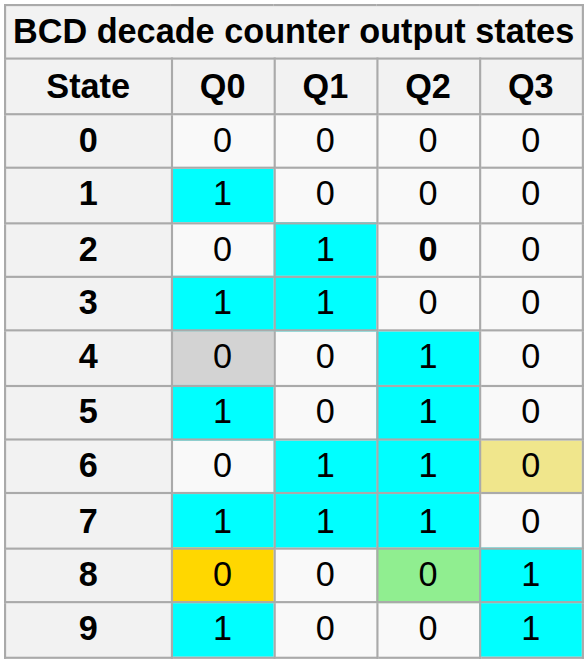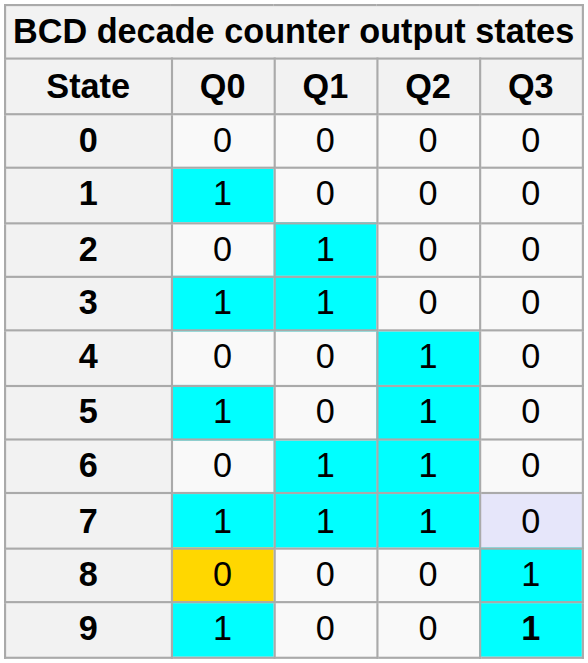 <table class="wikitable" style="text-align:center">
 <tr>
 <th colspan="5">BCD decade counter output states</th>
 </tr>
 <tr>
 <th>State</th>
 <th>Q0</th>
 <th>Q1</th>
 <th>Q2</th>
 <th>Q3</th>
 </tr>
 <tr>
 <th>0</th>
 <td>0</td>
 <td>0</td>
 <td>0</td>
 <td>0</td>
 </tr>
 <tr>
 <th>1</th>
 <td style="background:#0FF">1</td>
 <td>0</td>
 <td>0</td>
 <td>0</td>
 </tr>
 <tr>
 <th>2</th>
 <td>0</td>
 <td style="background:#0FF">1</td>
-<td><strong>0</strong></td>
+<td>0</td>
 <td>0</td>
 </tr>
 <tr>
 <th>3</th>
 <td style="background:#0FF">1</td>
 <td style="background:#0FF">1</td>
 <td>0</td>
 <td>0</td>
 </tr>
 <tr>
 <th>4</th>
-<td style="background: lightgrey;">0</td>
+<td>0</td>
 <td>0</td>
 <td style="background:#0FF">1</td>
 <td>0</td>
 </tr>
 <tr>
 <th>5</th>
 <td style="background:#0FF">1</td>
 <td>0</td>
 <td style="background:#0FF">1</td>
 <td>0</td>
 </tr>
 <tr>
 <th>6</th>
 <td>0</td>
 <td style="background:#0FF">1</td>
 <td style="background:#0FF">1</td>
-<td style="background: khaki;">0</td>
+<td>0</td>
 </tr>
 <tr>
 <th>7</th>
 <td style="background:#0FF">1</td>
 <td style="background:#0FF">1</td>
 <td style="background:#0FF">1</td>
-<td>0</td>
+<td style="background: lavender;">0</td>
 </tr>
 <tr>
 <th>8</th>
 <td style="background: gold;">0</td>
 <td>0</td>
-<td style="background: lightgreen;">0</td>
+<td>0</td>
 <td style="background:#0FF">1</td>
 </tr>
 <tr>
 <th>9</th>
 <td style="background:#0FF">1</td>
 <td>0</td>
 <td>0</td>
-<td style="background:#0FF">1</td>
+<td style="background:#0FF"><strong>1</strong></td>
 </tr>
 </table>
